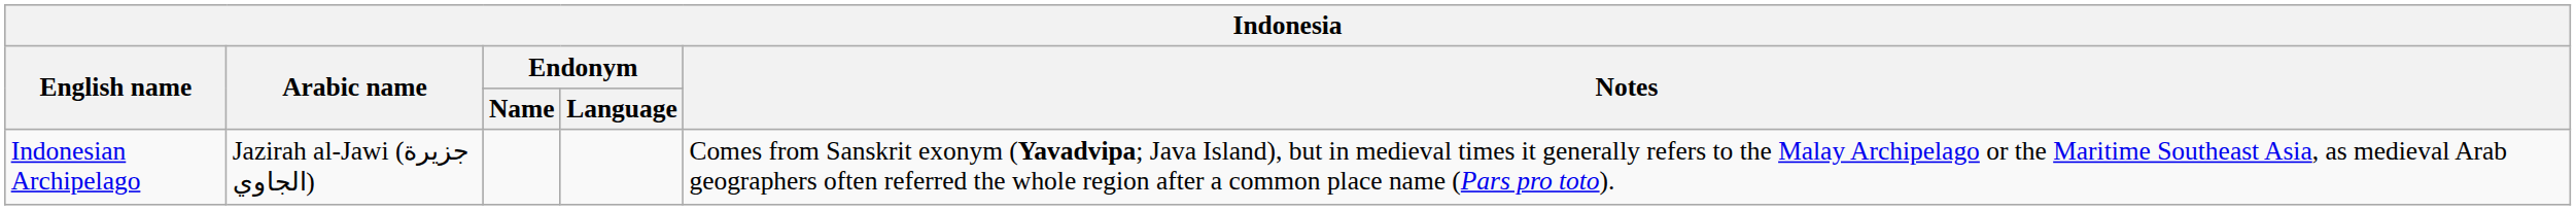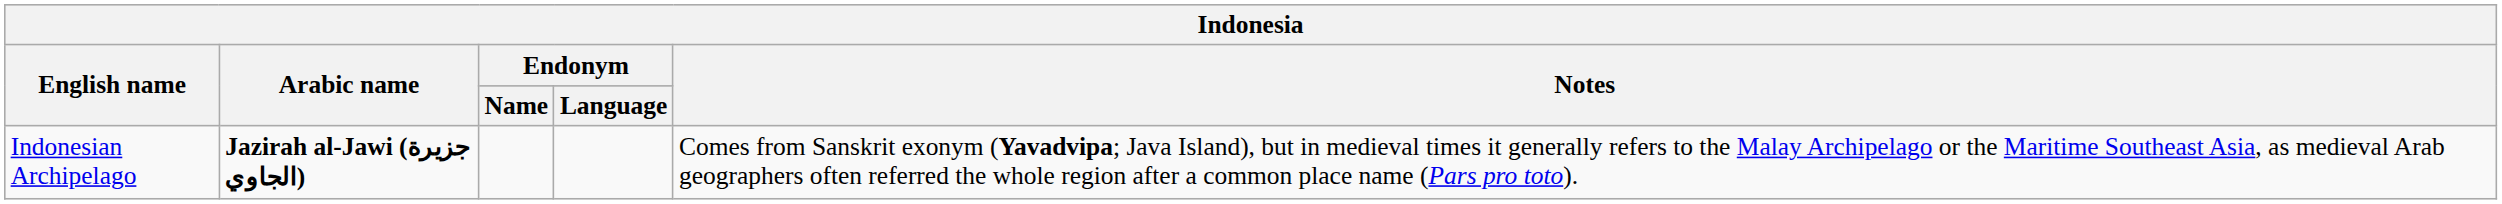 <table class="wikitable sortable">
 <tr>
 <th colspan="5">Indonesia</th>
 </tr>
 <tr>
 <th rowspan="2">English name</th>
 <th rowspan="2">Arabic name</th>
 <th colspan="2">Endonym</th>
 <th rowspan="2">Notes</th>
 </tr>
 <tr>
 <th>Name</th>
 <th>Language</th>
 </tr>
 <tr>
 <td><a href='#'>Indonesian Archipelago</a></td>
-<td>Jazirah al-Jawi (جزيرة الجاوي)</td>
+<td><strong>Jazirah al-Jawi (جزيرة الجاوي)</strong></td>
 <td></td>
 <td></td>
 <td>Comes from Sanskrit exonym (<strong>Yavadvipa</strong>; Java Island), but in medieval times it generally refers to the <a href='#'>Malay Archipelago</a> or the <a href='#'>Maritime Southeast Asia</a>, as medieval Arab geographers often referred the whole region after a common place name (<em><a href='#'>Pars pro toto</a></em>).</td>
 </tr>
 </table>
